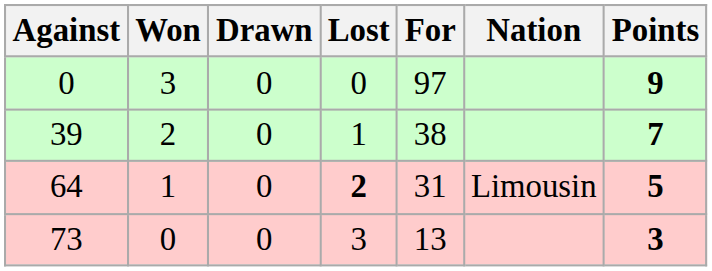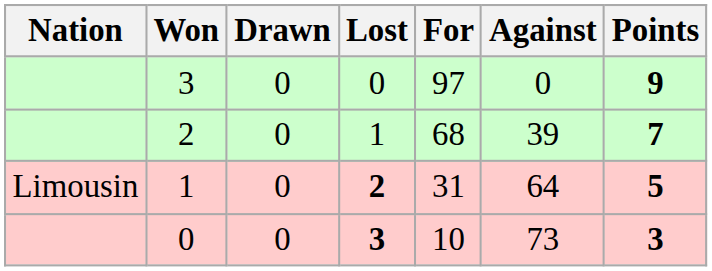 <table class="wikitable" style="text-align: center;">
 <tr>
-<th>Against</th>
+<th>Nation</th>
 <th>Won</th>
 <th>Drawn</th>
 <th>Lost</th>
 <th>For</th>
-<th>Nation</th>
+<th>Against</th>
 <th>Points</th>
 </tr>
 <tr bgcolor=ccffcc>
-<td>0</td>
+<td align="left"></td>
 <td>3</td>
 <td>0</td>
 <td>0</td>
 <td>97</td>
-<td align="left"></td>
+<td>0</td>
 <td><strong>9</strong></td>
 </tr>
 <tr bgcolor=ccffcc>
-<td>39</td>
+<td align="left"></td>
 <td>2</td>
 <td>0</td>
 <td>1</td>
-<td>38</td>
-<td align="left"></td>
+<td>68</td>
+<td>39</td>
 <td><strong>7</strong></td>
 </tr>
 <tr style="background:#fcc">
-<td>64</td>
+<td align="left"> Limousin</td>
 <td>1</td>
 <td>0</td>
 <td><strong>2</strong></td>
 <td>31</td>
-<td align="left"> Limousin</td>
+<td>64</td>
 <td><strong>5</strong></td>
 </tr>
 <tr style="background:#fcc">
-<td>73</td>
+<td align="left"></td>
 <td>0</td>
 <td>0</td>
-<td>3</td>
-<td>13</td>
-<td align="left"></td>
+<td><strong>3</strong></td>
+<td>10</td>
+<td>73</td>
 <td><strong>3</strong></td>
 </tr>
 </table>
